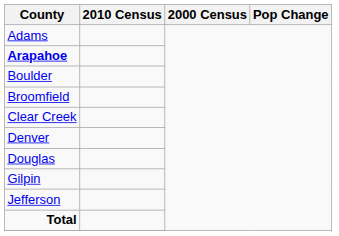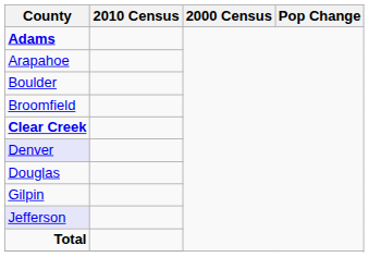 <table class=wikitable>
 <tr>
 <th>County</th>
 <th>2010 Census</th>
 <th>2000 Census</th>
 <th>Pop Change</th>
 </tr>
 <tr>
-<td><a href='#'>Adams</a></td>
+<td><strong><a href='#'>Adams</a></strong></td>
 <td></td>
 </tr>
 <tr>
-<td><strong><a href='#'>Arapahoe</a></strong></td>
+<td><a href='#'>Arapahoe</a></td>
 <td></td>
 </tr>
 <tr>
 <td><a href='#'>Boulder</a></td>
 <td></td>
 </tr>
 <tr>
 <td><a href='#'>Broomfield</a></td>
 <td></td>
 </tr>
 <tr>
-<td><a href='#'>Clear Creek</a></td>
+<td><strong><a href='#'>Clear Creek</a></strong></td>
 <td></td>
 </tr>
 <tr>
-<td><a href='#'>Denver</a></td>
+<td style="background: lavender;"><a href='#'>Denver</a></td>
 <td></td>
 </tr>
 <tr>
 <td><a href='#'>Douglas</a></td>
 <td></td>
 </tr>
 <tr>
 <td><a href='#'>Gilpin</a></td>
 <td></td>
 </tr>
 <tr>
-<td><a href='#'>Jefferson</a></td>
+<td style="background: lavender;"><a href='#'>Jefferson</a></td>
 <td></td>
 </tr>
 <tr>
 <td align=right><strong>Total</strong></td>
 <td></td>
 </tr>
 <tr>
 </tr>
 </table>
